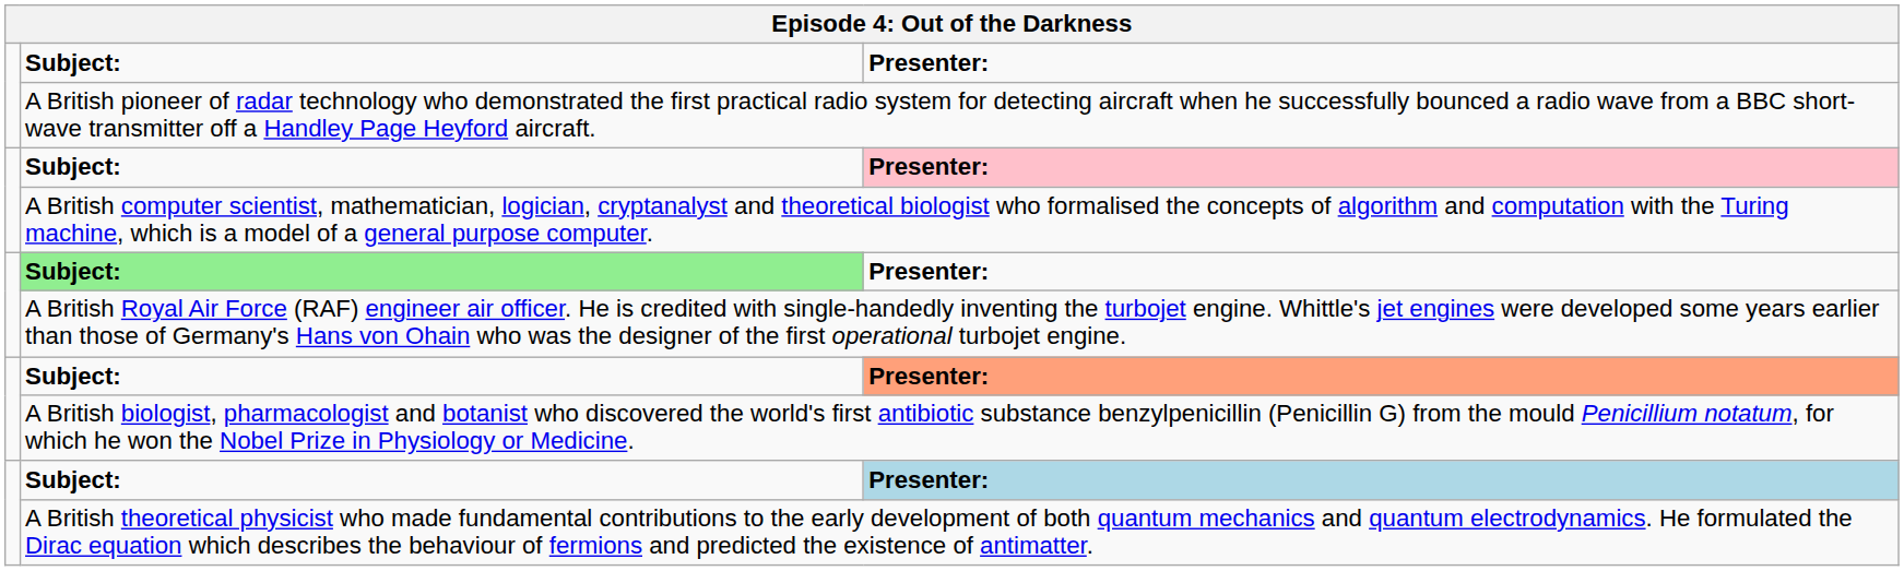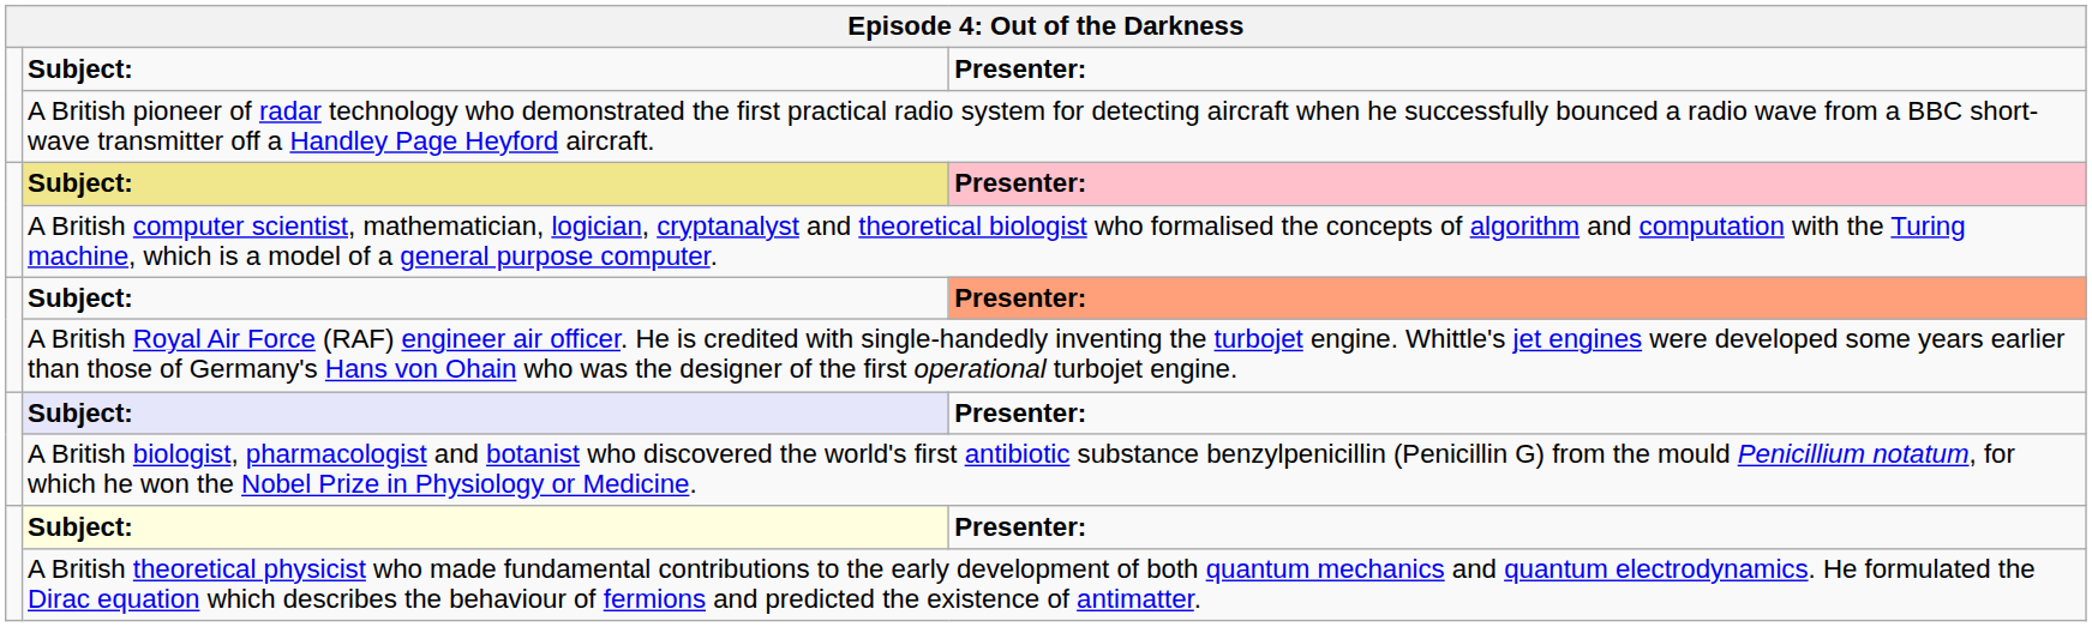 <table class="wikitable">
 <tr>
 <th colspan=3>Episode 4: Out of the Darkness</th>
 </tr>
 <tr>
 <td rowspan=2></td>
 <td><strong>Subject:</strong> </td>
 <td><strong>Presenter:</strong> </td>
 </tr>
 <tr>
 <td colspan=3>A British pioneer of <a href='#'>radar</a> technology who demonstrated the first practical radio system for detecting aircraft when he successfully bounced a radio wave from a BBC short-wave transmitter off a <a href='#'>Handley Page Heyford</a> aircraft.</td>
 </tr>
 <tr>
 <td rowspan=2></td>
-<td><strong>Subject:</strong> </td>
+<td style="background: khaki;"><strong>Subject:</strong> </td>
 <td style="background: pink;"><strong>Presenter:</strong> </td>
 </tr>
 <tr>
 <td colspan=3>A British <a href='#'>computer scientist</a>, mathematician, <a href='#'>logician</a>, <a href='#'>cryptanalyst</a> and <a href='#'>theoretical biologist</a> who formalised the concepts of <a href='#'>algorithm</a> and <a href='#'>computation</a> with the <a href='#'>Turing machine</a>, which is a model of a <a href='#'>general purpose computer</a>.</td>
 </tr>
 <tr>
 <td rowspan=2></td>
-<td style="background: lightgreen;"><strong>Subject:</strong> </td>
-<td><strong>Presenter:</strong> </td>
+<td><strong>Subject:</strong> </td>
+<td style="background: lightsalmon;"><strong>Presenter:</strong> </td>
 </tr>
 <tr>
 <td colspan=3>A British <a href='#'>Royal Air Force</a> (RAF) <a href='#'>engineer air officer</a>.  He is credited with single-handedly inventing the <a href='#'>turbojet</a> engine.  Whittle's <a href='#'>jet engines</a> were developed some years earlier than those of Germany's <a href='#'>Hans von Ohain</a> who was the designer of the first <em>operational</em> turbojet engine.</td>
 </tr>
 <tr>
 <td rowspan=2></td>
-<td><strong>Subject:</strong> </td>
-<td style="background: lightsalmon;"><strong>Presenter:</strong> </td>
+<td style="background: lavender;"><strong>Subject:</strong> </td>
+<td><strong>Presenter:</strong> </td>
 </tr>
 <tr>
 <td colspan=3>A British <a href='#'>biologist</a>, <a href='#'>pharmacologist</a> and <a href='#'>botanist</a> who discovered the world's first <a href='#'>antibiotic</a> substance benzylpenicillin (Penicillin G) from the mould <em><a href='#'>Penicillium notatum</a></em>, for which he won the <a href='#'>Nobel Prize in Physiology or Medicine</a>.</td>
 </tr>
 <tr>
 <td rowspan=2></td>
-<td><strong>Subject:</strong> </td>
-<td style="background: lightblue;"><strong>Presenter:</strong> </td>
+<td style="background: lightyellow;"><strong>Subject:</strong> </td>
+<td><strong>Presenter:</strong> </td>
 </tr>
 <tr>
 <td colspan=3>A British <a href='#'>theoretical physicist</a> who made fundamental contributions to the early development of both <a href='#'>quantum mechanics</a> and <a href='#'>quantum electrodynamics</a>. He formulated the <a href='#'>Dirac equation</a> which describes the behaviour of <a href='#'>fermions</a> and predicted the existence of <a href='#'>antimatter</a>.</td>
 </tr>
 </table>
